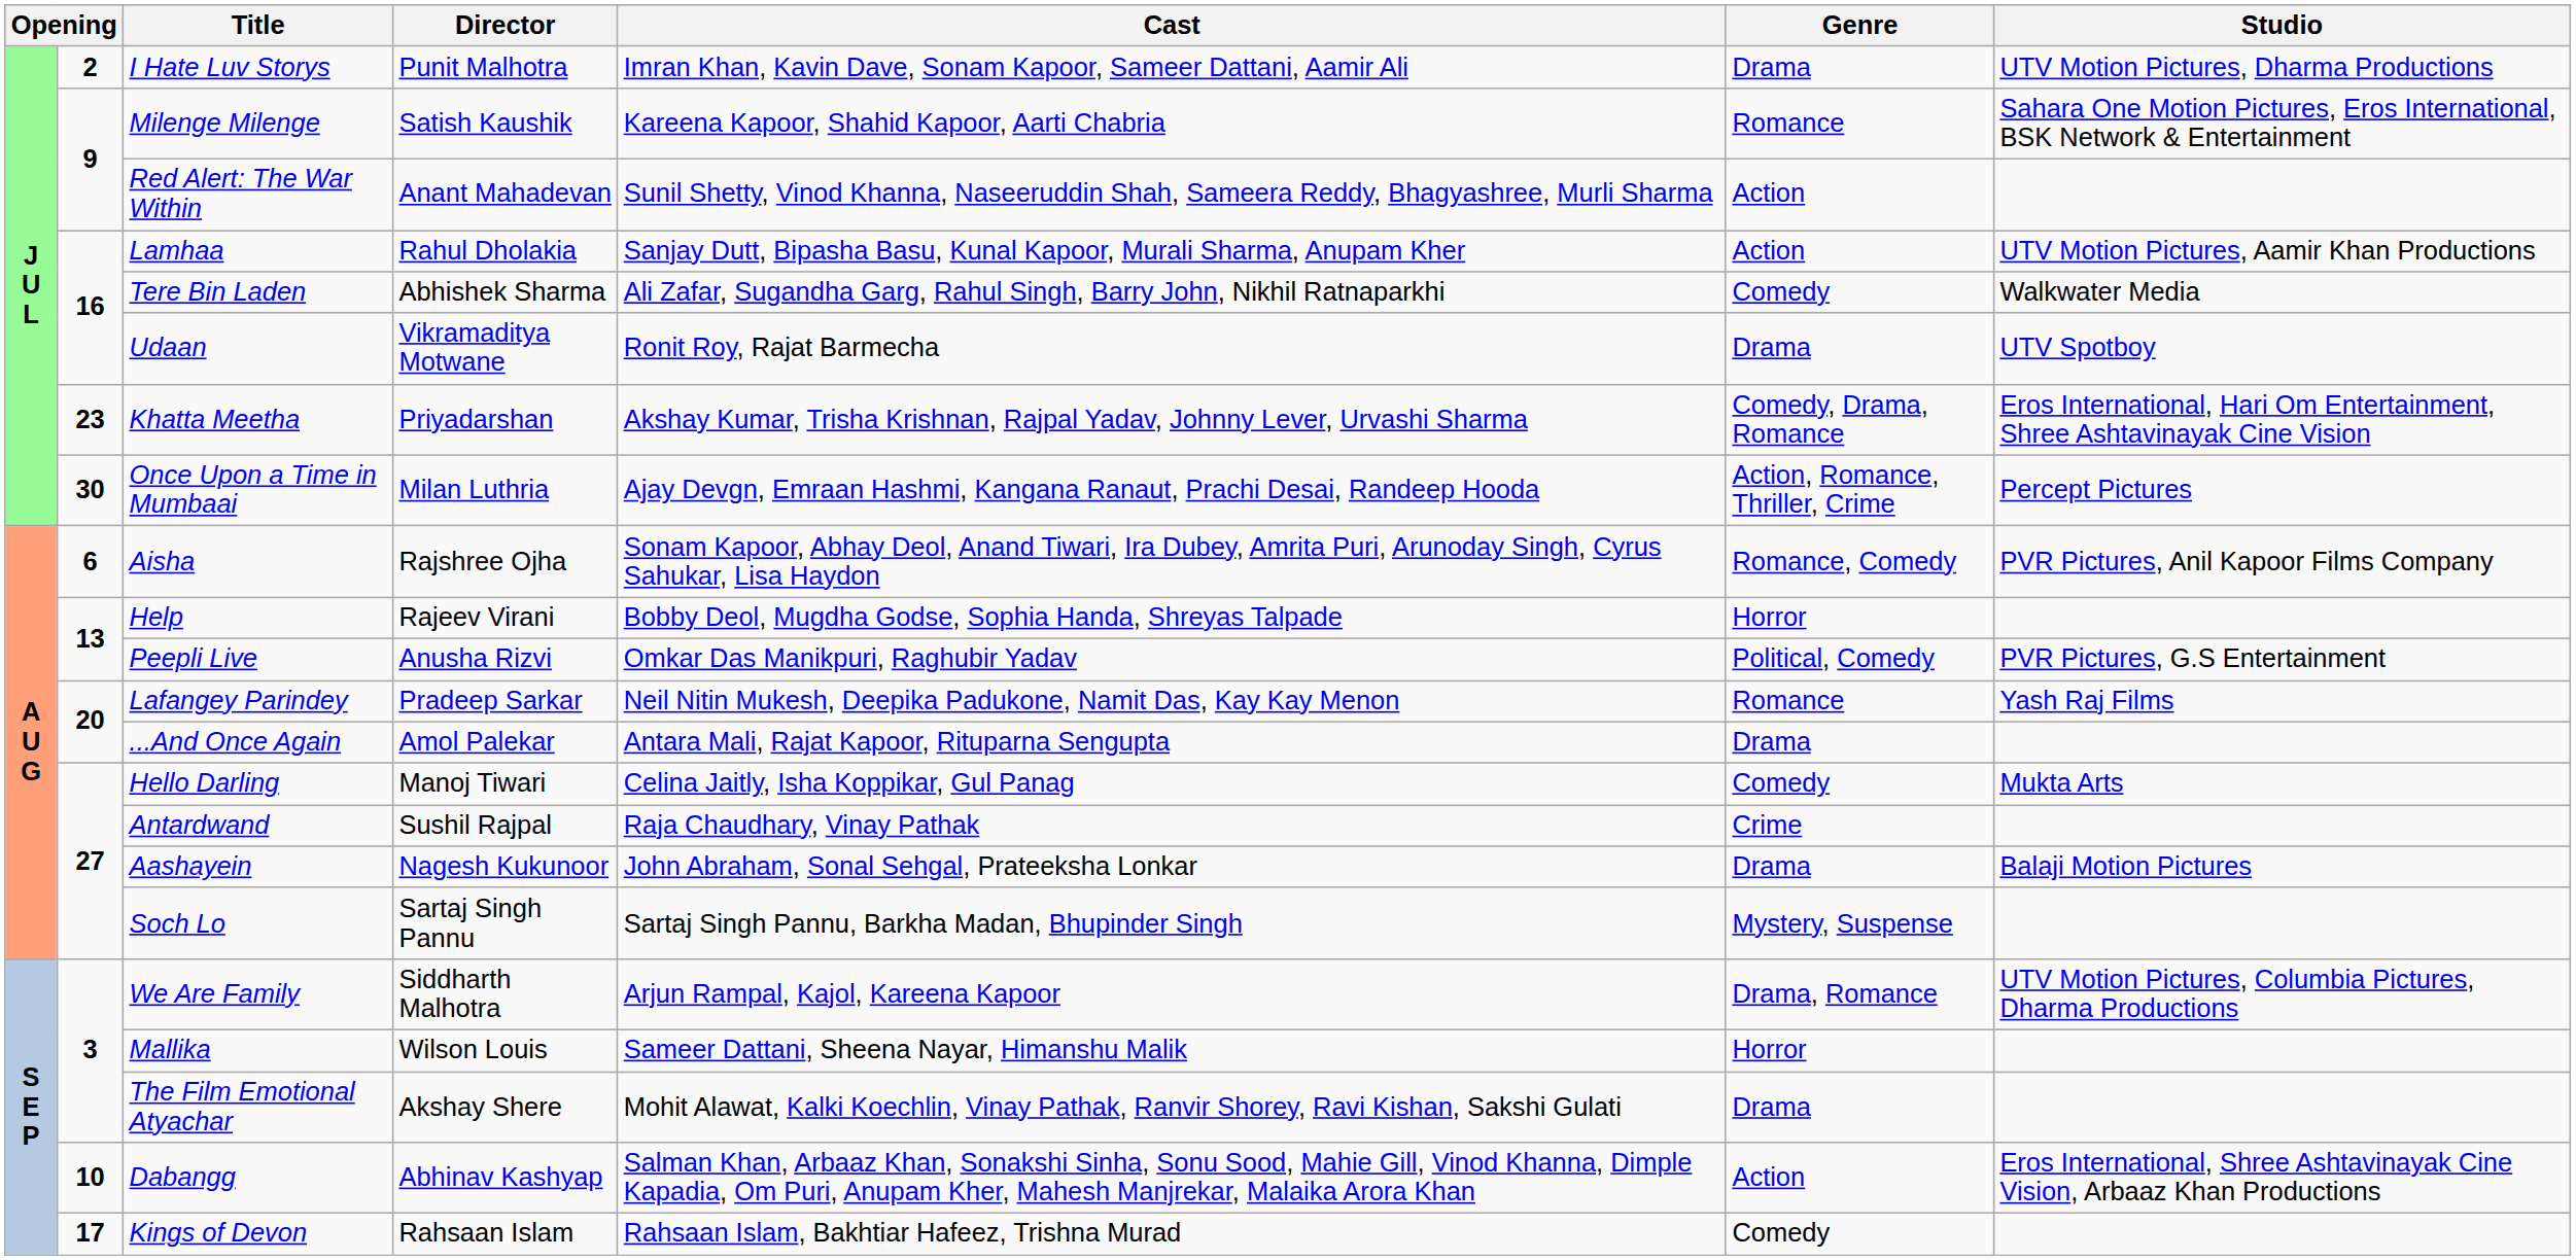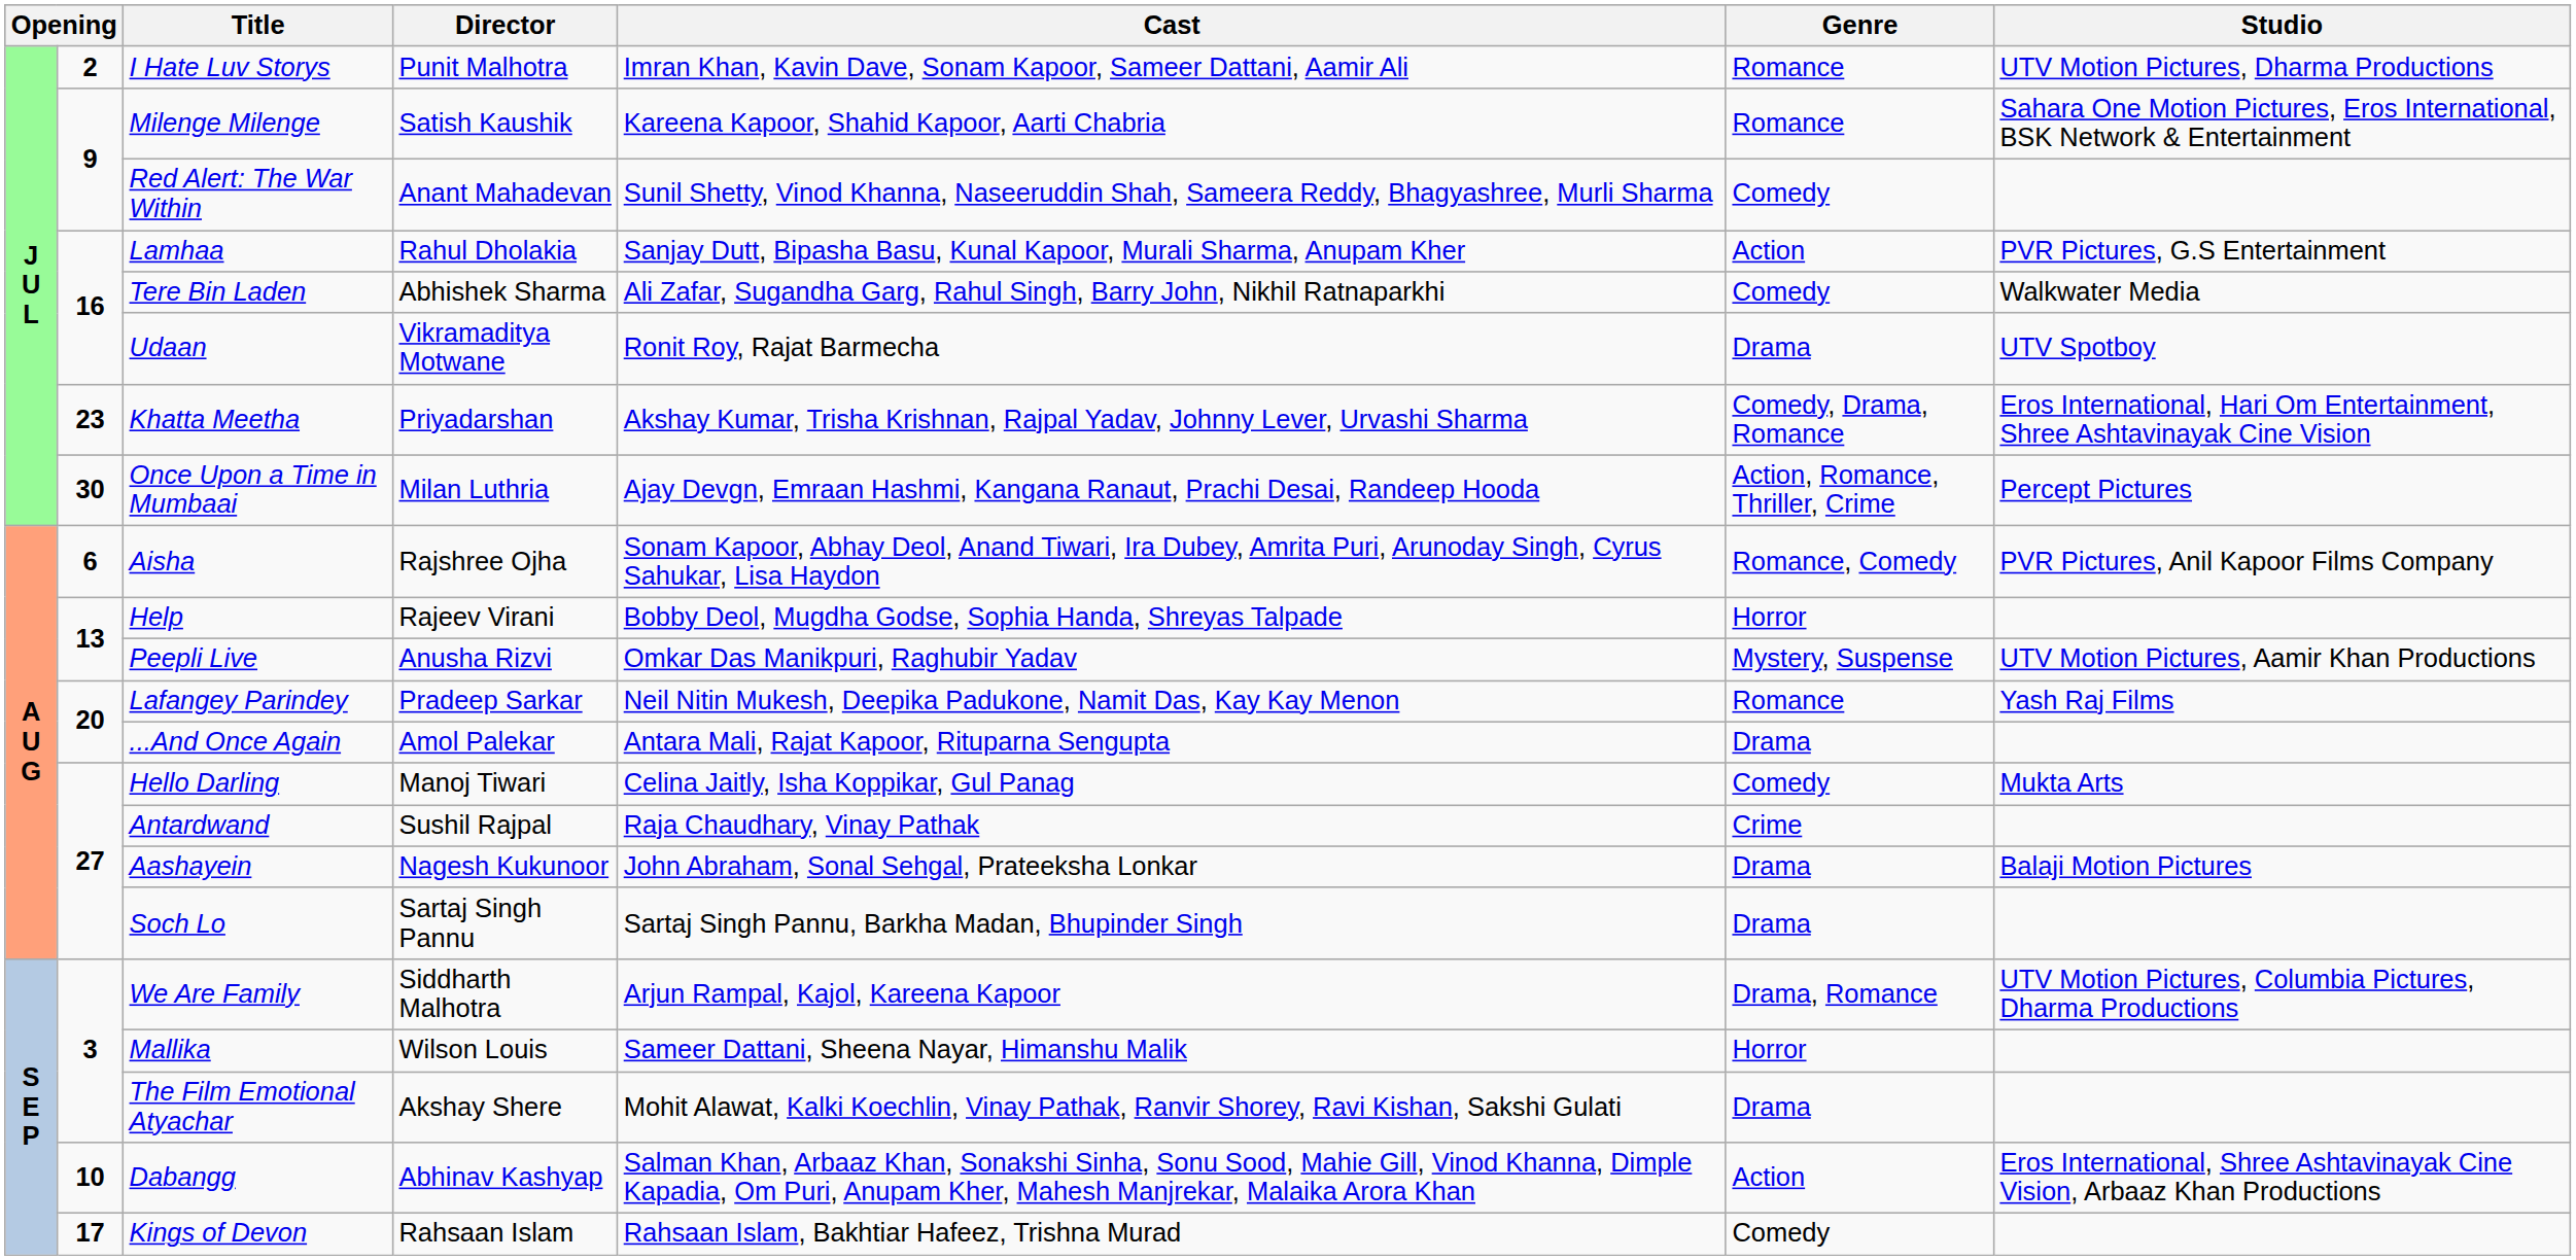 <table class="wikitable">
 <tr style="background:#b0e0e66; text-align:center;">
 <th colspan="2">Opening</th>
 <th>Title</th>
 <th>Director</th>
 <th>Cast</th>
 <th>Genre</th>
 <th>Studio</th>
 </tr>
 <tr>
 <td rowspan="8"   style="text-align:center; background:#98fb98; textcolor:#000;"><strong>J<br>U<br>L</strong></td>
 <td style="text-align:center;"><strong>2</strong></td>
 <td><em><a href='#'>I Hate Luv Storys</a></em></td>
 <td><a href='#'>Punit Malhotra</a></td>
 <td><a href='#'>Imran Khan</a>, <a href='#'>Kavin Dave</a>, <a href='#'>Sonam Kapoor</a>, <a href='#'>Sameer Dattani</a>, <a href='#'>Aamir Ali</a></td>
-<td><a href='#'>Drama</a></td>
+<td><a href='#'>Romance</a></td>
 <td><a href='#'>UTV Motion Pictures</a>, <a href='#'>Dharma Productions</a></td>
 </tr>
 <tr>
 <td rowspan="2" style="text-align:center;"><strong>9</strong></td>
 <td><em><a href='#'>Milenge Milenge</a></em></td>
 <td><a href='#'>Satish Kaushik</a></td>
 <td><a href='#'>Kareena Kapoor</a>, <a href='#'>Shahid Kapoor</a>, <a href='#'>Aarti Chabria</a></td>
 <td><a href='#'>Romance</a></td>
 <td><a href='#'>Sahara One Motion Pictures</a>, <a href='#'>Eros International</a>, BSK Network & Entertainment</td>
 </tr>
 <tr>
 <td><em><a href='#'>Red Alert: The War Within</a></em></td>
 <td><a href='#'>Anant Mahadevan</a></td>
 <td><a href='#'>Sunil Shetty</a>, <a href='#'>Vinod Khanna</a>, <a href='#'>Naseeruddin Shah</a>, <a href='#'>Sameera Reddy</a>, <a href='#'>Bhagyashree</a>, <a href='#'>Murli Sharma</a></td>
-<td><a href='#'>Action</a></td>
+<td><a href='#'>Comedy</a></td>
 <td></td>
 </tr>
 <tr>
 <td rowspan="3" style="text-align:center;"><strong>16</strong></td>
 <td><em><a href='#'>Lamhaa</a></em></td>
 <td><a href='#'>Rahul Dholakia</a></td>
 <td><a href='#'>Sanjay Dutt</a>, <a href='#'>Bipasha Basu</a>, <a href='#'>Kunal Kapoor</a>, <a href='#'>Murali Sharma</a>, <a href='#'>Anupam Kher</a></td>
 <td><a href='#'>Action</a></td>
-<td><a href='#'>UTV Motion Pictures</a>, Aamir Khan Productions</td>
+<td><a href='#'>PVR Pictures</a>, G.S Entertainment</td>
 </tr>
 <tr>
 <td><em><a href='#'>Tere Bin Laden</a></em></td>
 <td>Abhishek Sharma</td>
 <td><a href='#'>Ali Zafar</a>, <a href='#'>Sugandha Garg</a>, <a href='#'>Rahul Singh</a>, <a href='#'>Barry John</a>, Nikhil Ratnaparkhi</td>
 <td><a href='#'>Comedy</a></td>
 <td>Walkwater Media</td>
 </tr>
 <tr>
 <td><em><a href='#'>Udaan</a></em></td>
 <td><a href='#'>Vikramaditya Motwane</a></td>
 <td><a href='#'>Ronit Roy</a>, Rajat Barmecha</td>
 <td><a href='#'>Drama</a></td>
 <td><a href='#'>UTV Spotboy</a></td>
 </tr>
 <tr>
 <td style="text-align:center;"><strong>23</strong></td>
 <td><em><a href='#'>Khatta Meetha</a></em></td>
 <td><a href='#'>Priyadarshan</a></td>
 <td><a href='#'>Akshay Kumar</a>, <a href='#'>Trisha Krishnan</a>, <a href='#'>Rajpal Yadav</a>, <a href='#'>Johnny Lever</a>, <a href='#'>Urvashi Sharma</a></td>
 <td><a href='#'>Comedy</a>, <a href='#'>Drama</a>, <a href='#'>Romance</a></td>
 <td><a href='#'>Eros International</a>, <a href='#'>Hari Om Entertainment</a>, <a href='#'>Shree Ashtavinayak Cine Vision</a></td>
 </tr>
 <tr>
 <td style="text-align:center;"><strong>30</strong></td>
 <td><em><a href='#'>Once Upon a Time in Mumbaai</a></em></td>
 <td><a href='#'>Milan Luthria</a></td>
 <td><a href='#'>Ajay Devgn</a>, <a href='#'>Emraan Hashmi</a>, <a href='#'>Kangana Ranaut</a>, <a href='#'>Prachi Desai</a>, <a href='#'>Randeep Hooda</a></td>
 <td><a href='#'>Action</a>, <a href='#'>Romance</a>, <a href='#'>Thriller</a>, <a href='#'>Crime</a></td>
 <td><a href='#'>Percept Pictures</a></td>
 </tr>
 <tr>
 <td rowspan="9"   style="text-align:center; background:#ffa07a; textcolor:#000;"><strong>A<br>U<br>G</strong></td>
 <td style="text-align:center;"><strong>6</strong></td>
 <td><em><a href='#'>Aisha</a></em></td>
 <td>Rajshree Ojha</td>
 <td><a href='#'>Sonam Kapoor</a>, <a href='#'>Abhay Deol</a>, <a href='#'>Anand Tiwari</a>, <a href='#'>Ira Dubey</a>, <a href='#'>Amrita Puri</a>, <a href='#'>Arunoday Singh</a>, <a href='#'>Cyrus Sahukar</a>, <a href='#'>Lisa Haydon</a></td>
 <td><a href='#'>Romance</a>, <a href='#'>Comedy</a></td>
 <td><a href='#'>PVR Pictures</a>, Anil Kapoor Films Company</td>
 </tr>
 <tr>
 <td rowspan="2" style="text-align:center;"><strong>13</strong></td>
 <td><em><a href='#'>Help</a></em></td>
 <td>Rajeev Virani</td>
 <td><a href='#'>Bobby Deol</a>, <a href='#'>Mugdha Godse</a>, <a href='#'>Sophia Handa</a>, <a href='#'>Shreyas Talpade</a></td>
 <td><a href='#'>Horror</a></td>
 <td></td>
 </tr>
 <tr>
 <td><em><a href='#'>Peepli Live</a></em></td>
 <td><a href='#'>Anusha Rizvi</a></td>
 <td><a href='#'>Omkar Das Manikpuri</a>, <a href='#'>Raghubir Yadav</a></td>
-<td><a href='#'>Political</a>, <a href='#'>Comedy</a></td>
-<td><a href='#'>PVR Pictures</a>, G.S Entertainment</td>
+<td><a href='#'>Mystery</a>, <a href='#'>Suspense</a></td>
+<td><a href='#'>UTV Motion Pictures</a>, Aamir Khan Productions</td>
 </tr>
 <tr>
 <td rowspan="2" style="text-align:center;"><strong>20</strong></td>
 <td><em><a href='#'>Lafangey Parindey</a></em></td>
 <td><a href='#'>Pradeep Sarkar</a></td>
 <td><a href='#'>Neil Nitin Mukesh</a>, <a href='#'>Deepika Padukone</a>, <a href='#'>Namit Das</a>, <a href='#'>Kay Kay Menon</a></td>
 <td><a href='#'>Romance</a></td>
 <td><a href='#'>Yash Raj Films</a></td>
 </tr>
 <tr>
 <td><em><a href='#'>...And Once Again</a></em></td>
 <td><a href='#'>Amol Palekar</a></td>
 <td><a href='#'>Antara Mali</a>, <a href='#'>Rajat Kapoor</a>, <a href='#'>Rituparna Sengupta</a></td>
 <td><a href='#'>Drama</a></td>
 <td></td>
 </tr>
 <tr>
 <td rowspan="4" style="text-align:center;"><strong>27</strong></td>
 <td><em><a href='#'>Hello Darling</a></em></td>
 <td>Manoj Tiwari</td>
 <td><a href='#'>Celina Jaitly</a>, <a href='#'>Isha Koppikar</a>, <a href='#'>Gul Panag</a></td>
 <td><a href='#'>Comedy</a></td>
 <td><a href='#'>Mukta Arts</a></td>
 </tr>
 <tr>
 <td><em><a href='#'>Antardwand</a></em></td>
 <td>Sushil Rajpal</td>
 <td><a href='#'>Raja Chaudhary</a>, <a href='#'>Vinay Pathak</a></td>
 <td><a href='#'>Crime</a></td>
 <td></td>
 </tr>
 <tr>
 <td><em><a href='#'>Aashayein</a></em></td>
 <td><a href='#'>Nagesh Kukunoor</a></td>
 <td><a href='#'>John Abraham</a>, <a href='#'>Sonal Sehgal</a>, Prateeksha Lonkar</td>
 <td><a href='#'>Drama</a></td>
 <td><a href='#'>Balaji Motion Pictures</a></td>
 </tr>
 <tr>
 <td><em><a href='#'>Soch Lo</a></em></td>
 <td>Sartaj Singh Pannu</td>
 <td>Sartaj Singh Pannu, Barkha Madan, <a href='#'>Bhupinder Singh</a></td>
-<td><a href='#'>Mystery</a>, <a href='#'>Suspense</a></td>
+<td><a href='#'>Drama</a></td>
 <td></td>
 </tr>
 <tr>
 <td rowspan="5"   style="text-align:center; background:#b4cae3;"><strong>S<br>E<br>P</strong></td>
 <td rowspan="3" style="text-align:center;"><strong>3</strong></td>
 <td><em><a href='#'>We Are Family</a></em></td>
 <td>Siddharth Malhotra</td>
 <td><a href='#'>Arjun Rampal</a>, <a href='#'>Kajol</a>, <a href='#'>Kareena Kapoor</a></td>
 <td><a href='#'>Drama</a>, <a href='#'>Romance</a></td>
 <td><a href='#'>UTV Motion Pictures</a>, <a href='#'>Columbia Pictures</a>, <a href='#'>Dharma Productions</a></td>
 </tr>
 <tr>
 <td><em><a href='#'>Mallika</a></em></td>
 <td>Wilson Louis</td>
 <td><a href='#'>Sameer Dattani</a>, Sheena Nayar, <a href='#'>Himanshu Malik</a></td>
 <td><a href='#'>Horror</a></td>
 <td></td>
 </tr>
 <tr>
 <td><em><a href='#'>The Film Emotional Atyachar</a></em></td>
 <td>Akshay Shere</td>
 <td>Mohit Alawat, <a href='#'>Kalki Koechlin</a>, <a href='#'>Vinay Pathak</a>, <a href='#'>Ranvir Shorey</a>, <a href='#'>Ravi Kishan</a>, Sakshi Gulati</td>
 <td><a href='#'>Drama</a></td>
 <td></td>
 </tr>
 <tr>
 <td rowspan="1" style="text-align:center;"><strong>10</strong></td>
 <td><em><a href='#'>Dabangg</a></em></td>
 <td><a href='#'>Abhinav Kashyap</a></td>
 <td><a href='#'>Salman Khan</a>, <a href='#'>Arbaaz Khan</a>, <a href='#'>Sonakshi Sinha</a>, <a href='#'>Sonu Sood</a>, <a href='#'>Mahie Gill</a>, <a href='#'>Vinod Khanna</a>, <a href='#'>Dimple Kapadia</a>, <a href='#'>Om Puri</a>, <a href='#'>Anupam Kher</a>, <a href='#'>Mahesh Manjrekar</a>, <a href='#'>Malaika Arora Khan</a></td>
 <td><a href='#'>Action</a></td>
 <td><a href='#'>Eros International</a>, <a href='#'>Shree Ashtavinayak Cine Vision</a>, Arbaaz Khan Productions</td>
 </tr>
 <tr>
 <td rowspan="1" style="text-align:center;"><strong>17</strong></td>
 <td><em><a href='#'>Kings of Devon</a></em></td>
 <td>Rahsaan Islam</td>
 <td><a href='#'>Rahsaan Islam</a>, Bakhtiar Hafeez, Trishna Murad</td>
 <td>Comedy</td>
 <td></td>
 </tr>
 </table>
